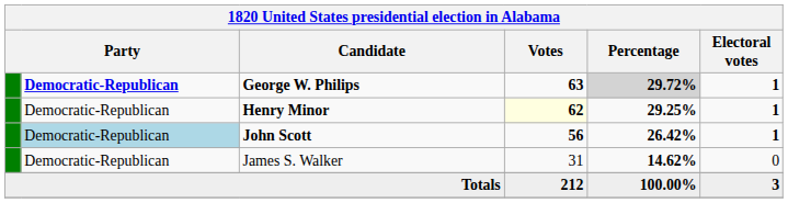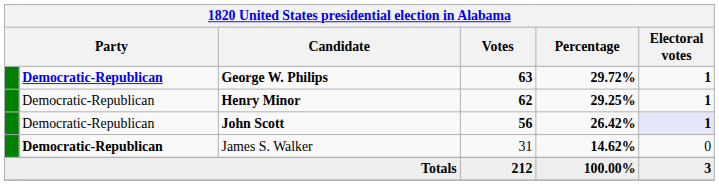 <table class="wikitable" style="font-size: 95%;">
 <tr>
 <th colspan="6"><a href='#'>1820 United States presidential election in Alabama</a></th>
 </tr>
 <tr>
 <th colspan="2" style="width: 15em">Party</th>
 <th style="width: 17em">Candidate</th>
 <th style="width: 5em">Votes</th>
 <th style="width: 7em">Percentage</th>
 <th style="width: 5em">Electoral votes</th>
 </tr>
 <tr>
 <th style="background-color:#008000; width: 3px"></th>
 <td style="width: 130px"><strong><a href='#'>Democratic-Republican</a></strong></td>
 <td><strong>George W. Philips</strong></td>
 <td align="right"><strong>63</strong></td>
-<td align="right" style="background: lightgrey;"><strong>29.72%</strong></td>
+<td align="right"><strong>29.72%</strong></td>
 <td align="right"><strong>1</strong></td>
 </tr>
 <tr>
 <th style="background-color:#008000; width: 3px"></th>
 <td style="width: 130px">Democratic-Republican</td>
 <td><strong>Henry Minor</strong></td>
-<td align="right" style="background: lightyellow;"><strong>62</strong></td>
+<td align="right"><strong>62</strong></td>
 <td align="right"><strong>29.25%</strong></td>
 <td align="right"><strong>1</strong></td>
 </tr>
 <tr>
 <th style="background-color:#008000; width: 3px"></th>
-<td style="background: lightblue; width: 130px">Democratic-Republican</td>
+<td style="width: 130px">Democratic-Republican</td>
 <td><strong>John Scott</strong></td>
 <td align="right"><strong>56</strong></td>
 <td align="right"><strong>26.42%</strong></td>
-<td align="right"><strong>1</strong></td>
+<td align="right" style="background: lavender;"><strong>1</strong></td>
 </tr>
 <tr>
 <th style="background-color:#008000; width: 3px"></th>
-<td style="width: 130px">Democratic-Republican</td>
+<td style="width: 130px"><strong>Democratic-Republican</strong></td>
 <td>James S. Walker</td>
 <td align="right">31</td>
 <td align="right"><strong>14.62%</strong></td>
 <td align="right">0</td>
 </tr>
 <tr>
 </tr>
 <tr bgcolor="#EEEEEE">
 <td colspan="3" align="right"><strong>Totals</strong></td>
 <td align="right"><strong>212</strong></td>
 <td align="right"><strong>100.00%</strong></td>
 <td align="right"><strong>3</strong></td>
 </tr>
 <tr>
 </tr>
 </table>
